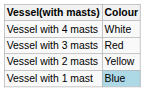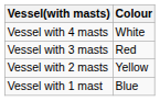 <table class="wikitable">
 <tr>
 <th>Vessel(with masts)</th>
 <th>Colour</th>
 </tr>
 <tr>
 <td>Vessel with 4 masts</td>
 <td>White</td>
 </tr>
 <tr>
 <td>Vessel with 3 masts</td>
 <td>Red</td>
 </tr>
 <tr>
 <td>Vessel with 2 masts</td>
 <td>Yellow</td>
 </tr>
 <tr>
 <td>Vessel with 1 mast</td>
-<td style="background: lightblue;">Blue</td>
+<td>Blue</td>
 </tr>
 </table>
